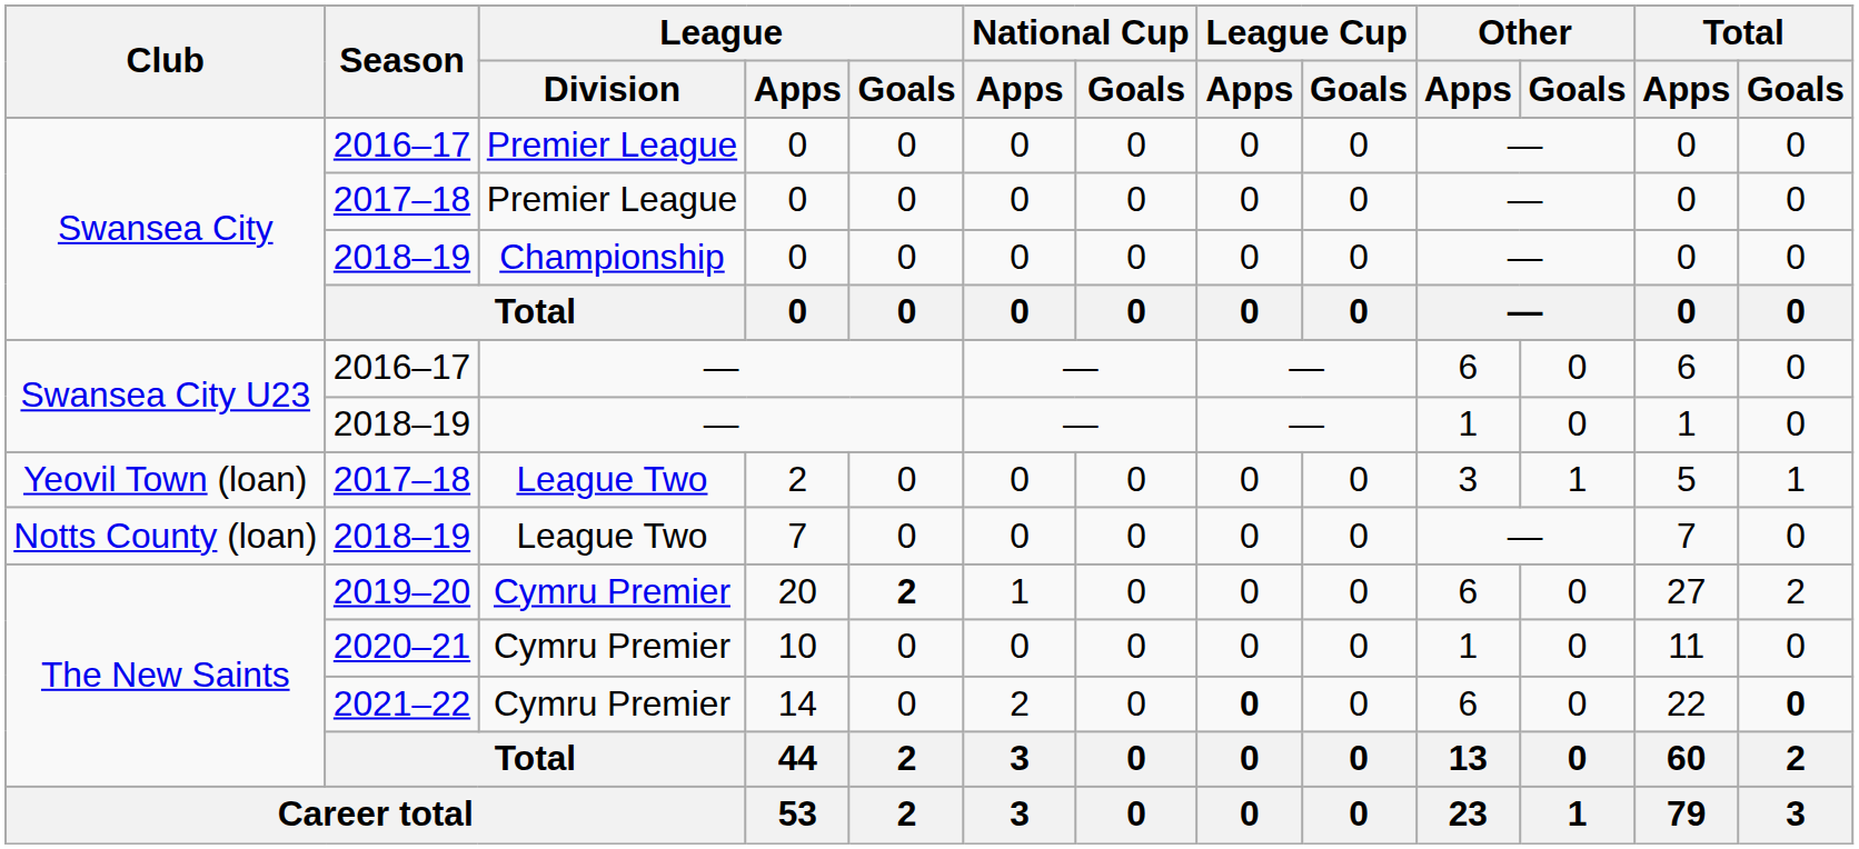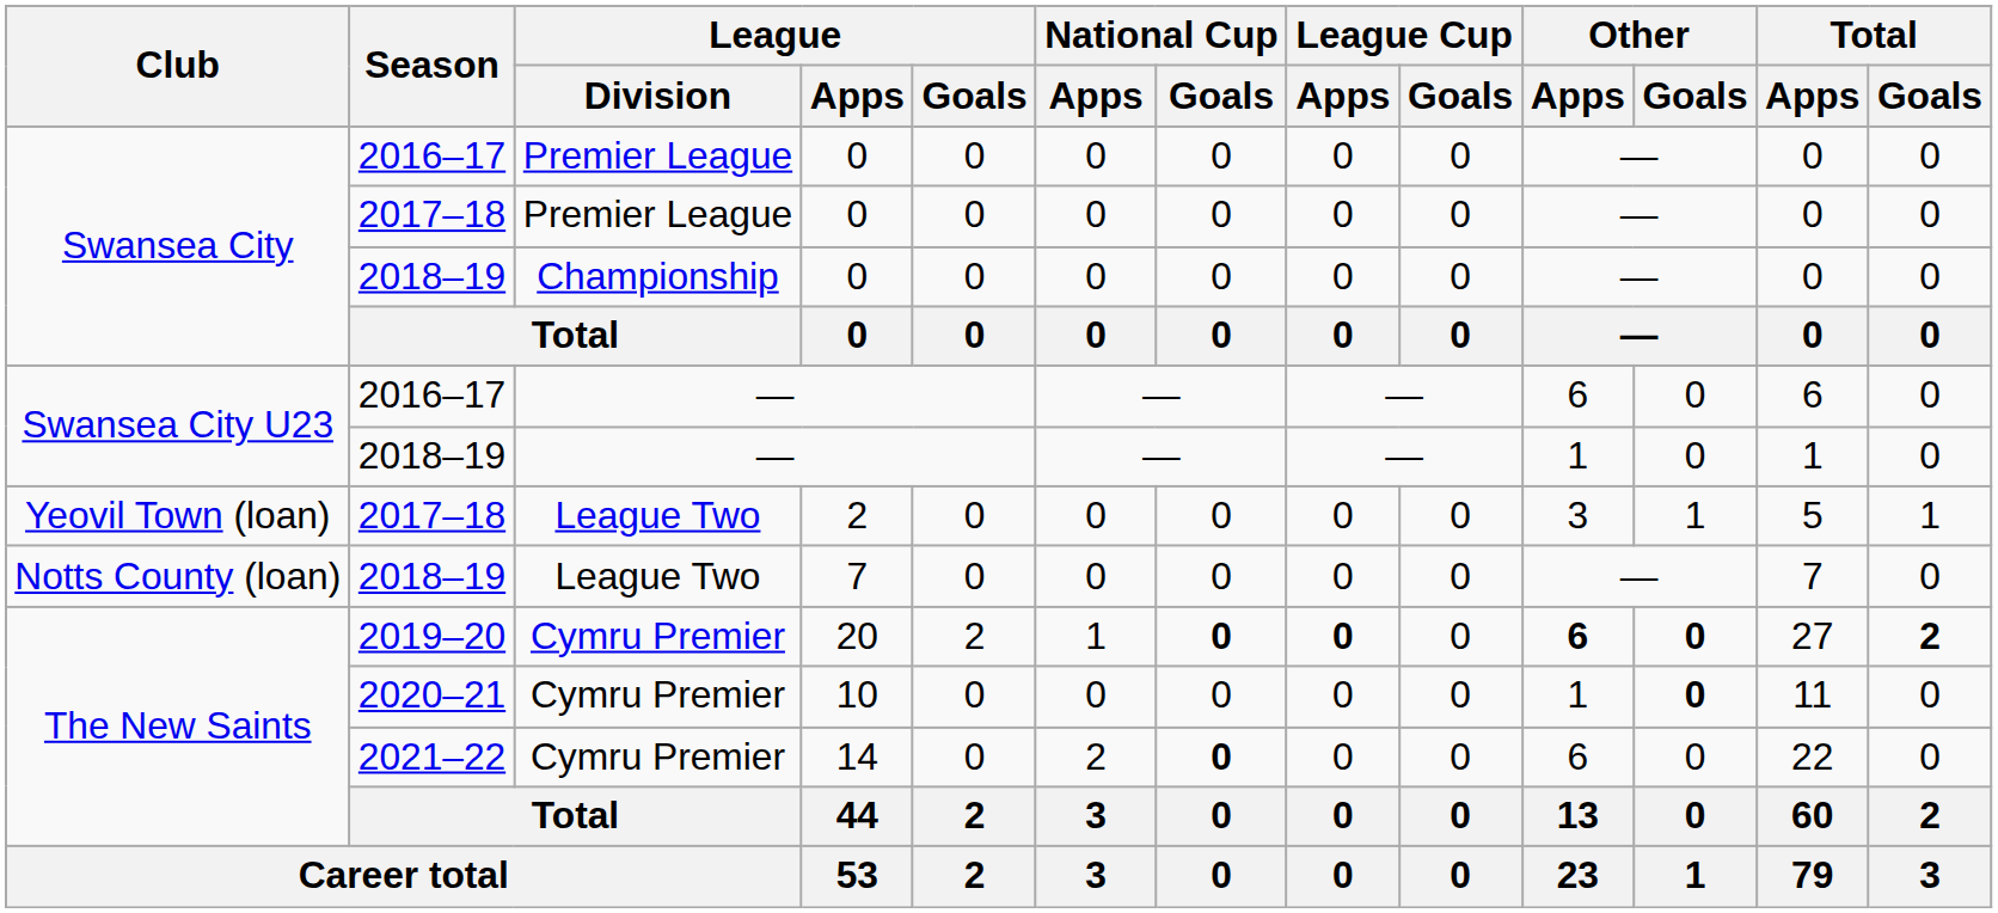 <table class=wikitable style=text-align:center>
 <tr>
 <th rowspan=2>Club</th>
 <th rowspan=2>Season</th>
 <th colspan=3>League</th>
 <th colspan=2>National Cup</th>
 <th colspan=2>League Cup</th>
 <th colspan=2>Other</th>
 <th colspan=2>Total</th>
 </tr>
 <tr>
 <th>Division</th>
 <th>Apps</th>
 <th>Goals</th>
 <th>Apps</th>
 <th>Goals</th>
 <th>Apps</th>
 <th>Goals</th>
 <th>Apps</th>
 <th>Goals</th>
 <th>Apps</th>
 <th>Goals</th>
 </tr>
 <tr>
 <td rowspan=4><a href='#'>Swansea City</a></td>
 <td><a href='#'>2016–17</a></td>
 <td><a href='#'>Premier League</a></td>
 <td>0</td>
 <td>0</td>
 <td>0</td>
 <td>0</td>
 <td>0</td>
 <td>0</td>
 <td colspan=2>—</td>
 <td>0</td>
 <td>0</td>
 </tr>
 <tr>
 <td><a href='#'>2017–18</a></td>
 <td>Premier League</td>
 <td>0</td>
 <td>0</td>
 <td>0</td>
 <td>0</td>
 <td>0</td>
 <td>0</td>
 <td colspan=2>—</td>
 <td>0</td>
 <td>0</td>
 </tr>
 <tr>
 <td><a href='#'>2018–19</a></td>
 <td><a href='#'>Championship</a></td>
 <td>0</td>
 <td>0</td>
 <td>0</td>
 <td>0</td>
 <td>0</td>
 <td>0</td>
 <td colspan=2>—</td>
 <td>0</td>
 <td>0</td>
 </tr>
 <tr>
 <th colspan=2>Total</th>
 <th>0</th>
 <th>0</th>
 <th>0</th>
 <th>0</th>
 <th>0</th>
 <th>0</th>
 <th colspan=2>—</th>
 <th>0</th>
 <th>0</th>
 </tr>
 <tr>
 <td rowspan=2><a href='#'>Swansea City U23</a></td>
 <td>2016–17</td>
 <td colspan=3>—</td>
 <td colspan=2>—</td>
 <td colspan=2>—</td>
 <td>6</td>
 <td>0</td>
 <td>6</td>
 <td>0</td>
 </tr>
 <tr>
 <td>2018–19</td>
 <td colspan=3>—</td>
 <td colspan=2>—</td>
 <td colspan=2>—</td>
 <td>1</td>
 <td>0</td>
 <td>1</td>
 <td>0</td>
 </tr>
 <tr>
 <td><a href='#'>Yeovil Town</a> (loan)</td>
 <td><a href='#'>2017–18</a></td>
 <td><a href='#'>League Two</a></td>
 <td>2</td>
 <td>0</td>
 <td>0</td>
 <td>0</td>
 <td>0</td>
 <td>0</td>
 <td>3</td>
 <td>1</td>
 <td>5</td>
 <td>1</td>
 </tr>
 <tr>
 <td><a href='#'>Notts County</a> (loan)</td>
 <td><a href='#'>2018–19</a></td>
 <td>League Two</td>
 <td>7</td>
 <td>0</td>
 <td>0</td>
 <td>0</td>
 <td>0</td>
 <td>0</td>
 <td colspan=2>—</td>
 <td>7</td>
 <td>0</td>
 </tr>
 <tr>
 <td rowspan=4><a href='#'>The New Saints</a></td>
 <td><a href='#'>2019–20</a></td>
 <td><a href='#'>Cymru Premier</a></td>
 <td>20</td>
+<td>2</td>
+<td>1</td>
+<td><strong>0</strong></td>
+<td><strong>0</strong></td>
+<td>0</td>
+<td><strong>6</strong></td>
+<td><strong>0</strong></td>
+<td>27</td>
 <td><strong>2</strong></td>
-<td>1</td>
-<td>0</td>
-<td>0</td>
-<td>0</td>
-<td>6</td>
-<td>0</td>
-<td>27</td>
-<td>2</td>
 </tr>
 <tr>
 <td><a href='#'>2020–21</a></td>
 <td>Cymru Premier</td>
 <td>10</td>
 <td>0</td>
 <td>0</td>
 <td>0</td>
 <td>0</td>
 <td>0</td>
 <td>1</td>
-<td>0</td>
+<td><strong>0</strong></td>
 <td>11</td>
 <td>0</td>
 </tr>
 <tr>
 <td><a href='#'>2021–22</a></td>
 <td>Cymru Premier</td>
 <td>14</td>
 <td>0</td>
 <td>2</td>
+<td><strong>0</strong></td>
 <td>0</td>
-<td><strong>0</strong></td>
 <td>0</td>
 <td>6</td>
 <td>0</td>
 <td>22</td>
-<td><strong>0</strong></td>
+<td>0</td>
 </tr>
 <tr>
 <th colspan=2>Total</th>
 <th>44</th>
 <th>2</th>
 <th>3</th>
 <th>0</th>
 <th>0</th>
 <th>0</th>
 <th>13</th>
 <th>0</th>
 <th>60</th>
 <th>2</th>
 </tr>
 <tr>
 <th colspan=3>Career total</th>
 <th>53</th>
 <th>2</th>
 <th>3</th>
 <th>0</th>
 <th>0</th>
 <th>0</th>
 <th>23</th>
 <th>1</th>
 <th>79</th>
 <th>3</th>
 </tr>
 </table>
